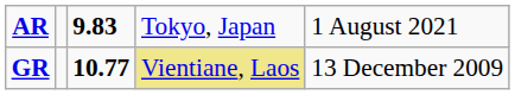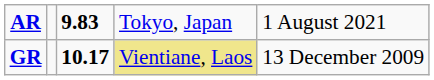 <table class="wikitable" style="font-size:95%; position:relative;">
 <tr>
 <td align=center><strong><a href='#'>AR</a></strong></td>
 <td></td>
 <td><strong>9.83</strong></td>
 <td><a href='#'>Tokyo</a>, <a href='#'>Japan</a></td>
 <td>1 August 2021</td>
 </tr>
 <tr>
 <td align=center><strong><a href='#'>GR</a></strong></td>
 <td></td>
-<td><strong>10.77</strong></td>
+<td><strong>10.17</strong></td>
 <td style="background: khaki;"><a href='#'>Vientiane</a>, <a href='#'>Laos</a></td>
 <td>13 December 2009</td>
 </tr>
 </table>
